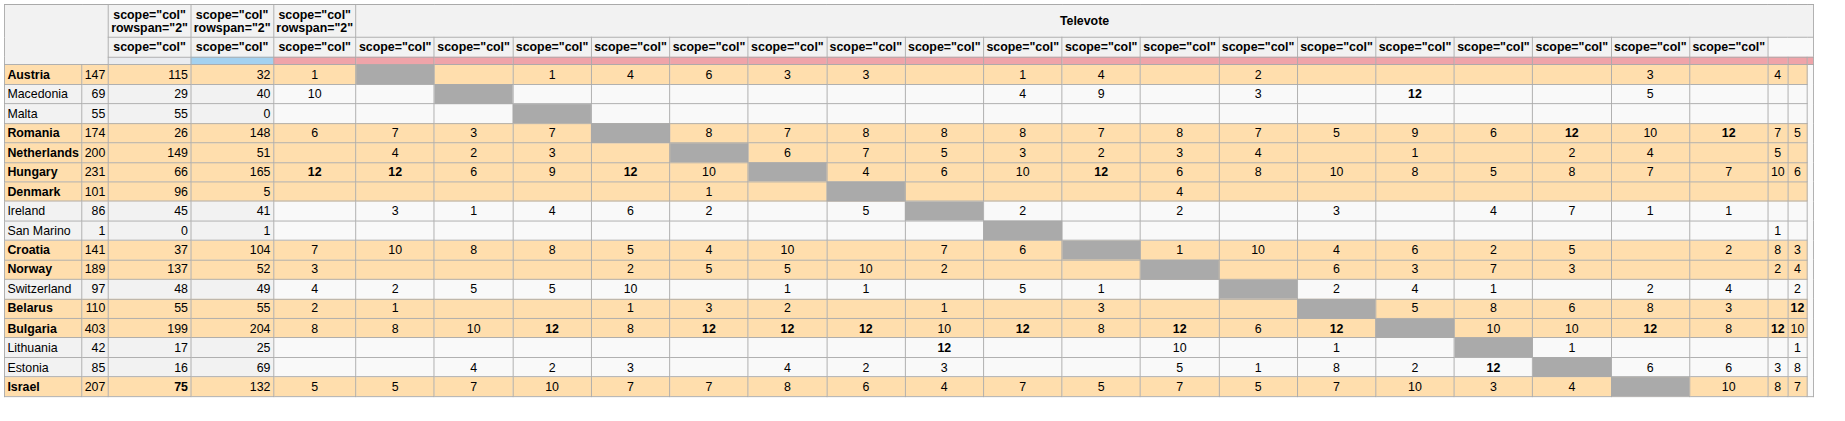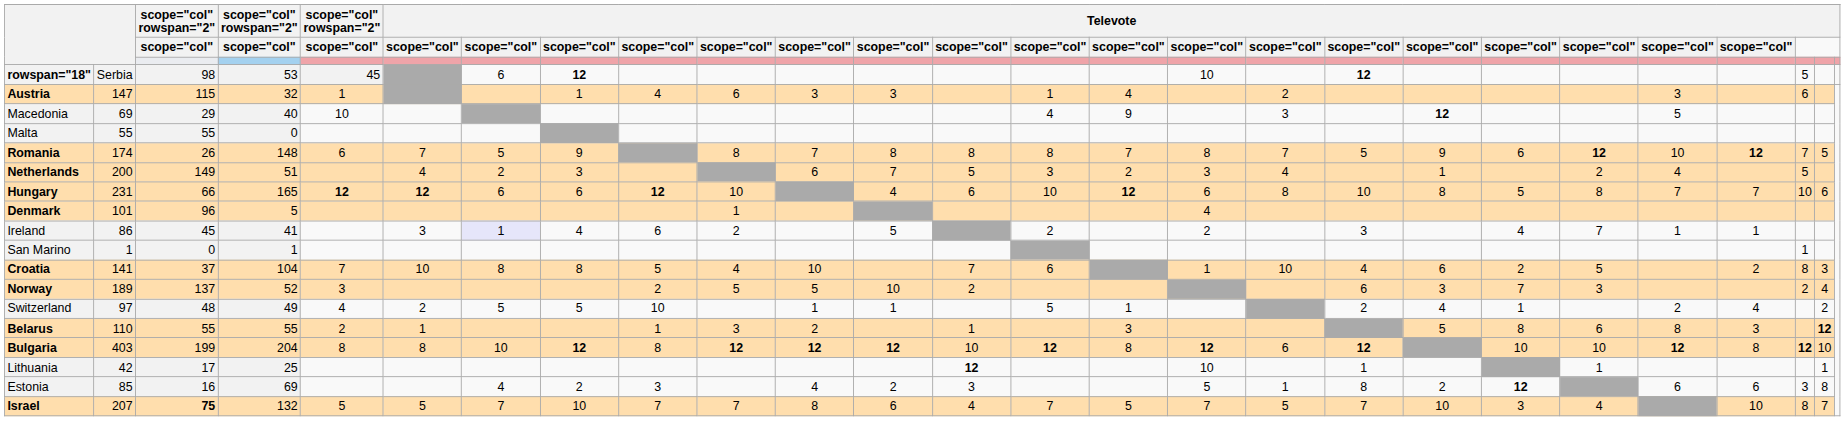 <table class="wikitable plainrowheaders" style="text-align:center; font-size:85%;">
 <tr>
 </tr>
 <tr>
 <td colspan="2" rowspan="3" style="background: #F2F2F2;"></td>
 <th>scope="col" rowspan="2" </th>
 <th>scope="col" rowspan="2" </th>
 <th>scope="col" rowspan="2" </th>
 <th scope="col" colspan="21">Televote</th>
 </tr>
 <tr>
 <th>scope="col" </th>
 <th>scope="col" </th>
 <th>scope="col" </th>
 <th>scope="col" </th>
 <th>scope="col" </th>
 <th>scope="col" </th>
 <th>scope="col" </th>
 <th>scope="col" </th>
 <th>scope="col" </th>
 <th>scope="col" </th>
 <th>scope="col" </th>
 <th>scope="col" </th>
 <th>scope="col" </th>
 <th>scope="col" </th>
 <th>scope="col" </th>
 <th>scope="col" </th>
 <th>scope="col" </th>
 <th>scope="col" </th>
 <th>scope="col" </th>
 <th>scope="col" </th>
 <th>scope="col" </th>
 </tr>
 <tr>
 <td style="height:2px; background:#eaecf0; border-top:1px solid transparent;"></td>
 <td style="background:#A4D1EF;"></td>
 <td style="background:#EFA4A9;"></td>
 <th style="background:#EFA4A9;"></th>
 <th style="background:#EFA4A9;"></th>
 <th style="background:#EFA4A9;"></th>
 <th style="background:#EFA4A9;"></th>
 <th style="background:#EFA4A9;"></th>
 <th style="background:#EFA4A9;"></th>
 <th style="background:#EFA4A9;"></th>
 <th style="background:#EFA4A9;"></th>
 <th style="background:#EFA4A9;"></th>
 <th style="background:#EFA4A9;"></th>
 <th style="background:#EFA4A9;"></th>
 <th style="background:#EFA4A9;"></th>
 <th style="background:#EFA4A9;"></th>
 <th style="background:#EFA4A9;"></th>
 <th style="background:#EFA4A9;"></th>
 <th style="background:#EFA4A9;"></th>
 <th style="background:#EFA4A9;"></th>
 <th style="background:#EFA4A9;"></th>
 <th style="background:#EFA4A9;"></th>
 <th style="background:#EFA4A9;"></th>
 <th style="background:#EFA4A9;"></th>
 </tr>
+<tr>
+<th>rowspan="18" </th>
+<td scope="row" style="text-align:left; background:#f2f2f2;">Serbia</td>
+<td style="text-align:right; background:#f2f2f2;">98</td>
+<td style="text-align:right; background:#f2f2f2;">53</td>
+<td style="text-align:right; background:#f2f2f2;">45</td>
+<td style="background:#aaa;"></td>
+<td>6</td>
+<td><strong>12</strong></td>
+<td></td>
+<td></td>
+<td></td>
+<td></td>
+<td></td>
+<td></td>
+<td></td>
+<td>10</td>
+<td></td>
+<td><strong>12</strong></td>
+<td></td>
+<td></td>
+<td></td>
+<td></td>
+<td></td>
+<td>5</td>
+<td></td>
+<td></td>
+</tr>
 <tr style="background:#ffdead;">
 <td scope="row" style="text-align:left; font-weight:bold; ">Austria</td>
 <td style="text-align:right;">147</td>
 <td style="text-align:right;">115</td>
 <td style="text-align:right;">32</td>
 <td>1</td>
 <td style="background:#aaa;"></td>
 <td></td>
 <td>1</td>
 <td>4</td>
 <td>6</td>
 <td>3</td>
 <td>3</td>
 <td></td>
 <td>1</td>
 <td>4</td>
 <td></td>
 <td>2</td>
 <td></td>
 <td></td>
 <td></td>
 <td></td>
 <td>3</td>
 <td></td>
-<td>4</td>
+<td>6</td>
 <td></td>
 </tr>
 <tr>
 <td scope="row" style="text-align:left; background:#f2f2f2;">Macedonia</td>
 <td style="text-align:right; background:#f2f2f2;">69</td>
 <td style="text-align:right; background:#f2f2f2;">29</td>
 <td style="text-align:right; background:#f2f2f2;">40</td>
 <td>10</td>
 <td></td>
 <td style="background:#aaa;"></td>
 <td></td>
 <td></td>
 <td></td>
 <td></td>
 <td></td>
 <td></td>
 <td>4</td>
 <td>9</td>
 <td></td>
 <td>3</td>
 <td></td>
 <td><strong>12</strong></td>
 <td></td>
 <td></td>
 <td>5</td>
 <td></td>
 <td></td>
 <td></td>
 </tr>
 <tr>
 <td scope="row" style="text-align:left; background:#f2f2f2;">Malta</td>
 <td style="text-align:right; background:#f2f2f2;">55</td>
 <td style="text-align:right; background:#f2f2f2;">55</td>
 <td style="text-align:right; background:#f2f2f2;">0</td>
 <td></td>
 <td></td>
 <td></td>
 <td style="background:#aaa;"></td>
 <td></td>
 <td></td>
 <td></td>
 <td></td>
 <td></td>
 <td></td>
 <td></td>
 <td></td>
 <td></td>
 <td></td>
 <td></td>
 <td></td>
 <td></td>
 <td></td>
 <td></td>
 <td></td>
 <td></td>
 </tr>
 <tr style="background:#ffdead;">
 <td scope="row" style="text-align:left; font-weight:bold; ">Romania</td>
 <td style="text-align:right;">174</td>
 <td style="text-align:right;">26</td>
 <td style="text-align:right;">148</td>
 <td>6</td>
 <td>7</td>
-<td>3</td>
-<td>7</td>
+<td>5</td>
+<td>9</td>
 <td style="background:#aaa;"></td>
 <td>8</td>
 <td>7</td>
 <td>8</td>
 <td>8</td>
 <td>8</td>
 <td>7</td>
 <td>8</td>
 <td>7</td>
 <td>5</td>
 <td>9</td>
 <td>6</td>
 <td><strong>12</strong></td>
 <td>10</td>
 <td><strong>12</strong></td>
 <td>7</td>
 <td>5</td>
 </tr>
 <tr style="background:#ffdead;">
 <td scope="row" style="text-align:left; font-weight:bold; ">Netherlands</td>
 <td style="text-align:right;">200</td>
 <td style="text-align:right;">149</td>
 <td style="text-align:right;">51</td>
 <td></td>
 <td>4</td>
 <td>2</td>
 <td>3</td>
 <td></td>
 <td style="background:#aaa;"></td>
 <td>6</td>
 <td>7</td>
 <td>5</td>
 <td>3</td>
 <td>2</td>
 <td>3</td>
 <td>4</td>
 <td></td>
 <td>1</td>
 <td></td>
 <td>2</td>
 <td>4</td>
 <td></td>
 <td>5</td>
 <td></td>
 </tr>
 <tr style="background:#ffdead;">
 <td scope="row" style="text-align:left; font-weight:bold; ">Hungary</td>
 <td style="text-align:right;">231</td>
 <td style="text-align:right;">66</td>
 <td style="text-align:right;">165</td>
 <td><strong>12</strong></td>
 <td><strong>12</strong></td>
 <td>6</td>
-<td>9</td>
+<td>6</td>
 <td><strong>12</strong></td>
 <td>10</td>
 <td style="background:#aaa;"></td>
 <td>4</td>
 <td>6</td>
 <td>10</td>
 <td><strong>12</strong></td>
 <td>6</td>
 <td>8</td>
 <td>10</td>
 <td>8</td>
 <td>5</td>
 <td>8</td>
 <td>7</td>
 <td>7</td>
 <td>10</td>
 <td>6</td>
 </tr>
 <tr style="background:#ffdead;">
 <td scope="row" style="text-align:left; font-weight:bold; ">Denmark</td>
 <td style="text-align:right;">101</td>
 <td style="text-align:right;">96</td>
 <td style="text-align:right;">5</td>
 <td></td>
 <td></td>
 <td></td>
 <td></td>
 <td></td>
 <td>1</td>
 <td></td>
 <td style="background:#aaa;"></td>
 <td></td>
 <td></td>
 <td></td>
 <td>4</td>
 <td></td>
 <td></td>
 <td></td>
 <td></td>
 <td></td>
 <td></td>
 <td></td>
 <td></td>
 <td></td>
 </tr>
 <tr>
 <td scope="row" style="text-align:left; background:#f2f2f2;">Ireland</td>
 <td style="text-align:right; background:#f2f2f2;">86</td>
 <td style="text-align:right; background:#f2f2f2;">45</td>
 <td style="text-align:right; background:#f2f2f2;">41</td>
 <td></td>
 <td>3</td>
-<td>1</td>
+<td style="background: lavender;">1</td>
 <td>4</td>
 <td>6</td>
 <td>2</td>
 <td></td>
 <td>5</td>
 <td style="background:#aaa;"></td>
 <td>2</td>
 <td></td>
 <td>2</td>
 <td></td>
 <td>3</td>
 <td></td>
 <td>4</td>
 <td>7</td>
 <td>1</td>
 <td>1</td>
 <td></td>
 <td></td>
 </tr>
 <tr>
 <td scope="row" style="text-align:left; background:#f2f2f2;">San Marino</td>
 <td style="text-align:right; background:#f2f2f2;">1</td>
 <td style="text-align:right; background:#f2f2f2;">0</td>
 <td style="text-align:right; background:#f2f2f2;">1</td>
 <td></td>
 <td></td>
 <td></td>
 <td></td>
 <td></td>
 <td></td>
 <td></td>
 <td></td>
 <td></td>
 <td style="background:#aaa;"></td>
 <td></td>
 <td></td>
 <td></td>
 <td></td>
 <td></td>
 <td></td>
 <td></td>
 <td></td>
 <td></td>
 <td>1</td>
 <td></td>
 </tr>
 <tr style="background:#ffdead;">
 <td scope="row" style="text-align:left; font-weight:bold; ">Croatia</td>
 <td style="text-align:right;">141</td>
 <td style="text-align:right;">37</td>
 <td style="text-align:right;">104</td>
 <td>7</td>
 <td>10</td>
 <td>8</td>
 <td>8</td>
 <td>5</td>
 <td>4</td>
 <td>10</td>
 <td></td>
 <td>7</td>
 <td>6</td>
 <td style="background:#aaa;"></td>
 <td>1</td>
 <td>10</td>
 <td>4</td>
 <td>6</td>
 <td>2</td>
 <td>5</td>
 <td></td>
 <td>2</td>
 <td>8</td>
 <td>3</td>
 </tr>
 <tr style="background:#ffdead;">
 <td scope="row" style="text-align:left; font-weight:bold; ">Norway</td>
 <td style="text-align:right;">189</td>
 <td style="text-align:right;">137</td>
 <td style="text-align:right;">52</td>
 <td>3</td>
 <td></td>
 <td></td>
 <td></td>
 <td>2</td>
 <td>5</td>
 <td>5</td>
 <td>10</td>
 <td>2</td>
 <td></td>
 <td></td>
 <td style="background:#aaa;"></td>
 <td></td>
 <td>6</td>
 <td>3</td>
 <td>7</td>
 <td>3</td>
 <td></td>
 <td></td>
 <td>2</td>
 <td>4</td>
 </tr>
 <tr>
 <td scope="row" style="text-align:left; background:#f2f2f2;">Switzerland</td>
 <td style="text-align:right; background:#f2f2f2;">97</td>
 <td style="text-align:right; background:#f2f2f2;">48</td>
 <td style="text-align:right; background:#f2f2f2;">49</td>
 <td>4</td>
 <td>2</td>
 <td>5</td>
 <td>5</td>
 <td>10</td>
 <td></td>
 <td>1</td>
 <td>1</td>
 <td></td>
 <td>5</td>
 <td>1</td>
 <td></td>
 <td style="background:#aaa;"></td>
 <td>2</td>
 <td>4</td>
 <td>1</td>
 <td></td>
 <td>2</td>
 <td>4</td>
 <td></td>
 <td>2</td>
 </tr>
 <tr style="background:#ffdead;">
 <td scope="row" style="text-align:left; font-weight:bold; ">Belarus</td>
 <td style="text-align:right;">110</td>
 <td style="text-align:right;">55</td>
 <td style="text-align:right;">55</td>
 <td>2</td>
 <td>1</td>
 <td></td>
 <td></td>
 <td>1</td>
 <td>3</td>
 <td>2</td>
 <td></td>
 <td>1</td>
 <td></td>
 <td>3</td>
 <td></td>
 <td></td>
 <td style="background:#aaa;"></td>
 <td>5</td>
 <td>8</td>
 <td>6</td>
 <td>8</td>
 <td>3</td>
 <td></td>
 <td><strong>12</strong></td>
 </tr>
 <tr style="background:#ffdead;">
 <td scope="row" style="text-align:left; font-weight:bold; ">Bulgaria</td>
 <td style="text-align:right;">403</td>
 <td style="text-align:right;">199</td>
 <td style="text-align:right;">204</td>
 <td>8</td>
 <td>8</td>
 <td>10</td>
 <td><strong>12</strong></td>
 <td>8</td>
 <td><strong>12</strong></td>
 <td><strong>12</strong></td>
 <td><strong>12</strong></td>
 <td>10</td>
 <td><strong>12</strong></td>
 <td>8</td>
 <td><strong>12</strong></td>
 <td>6</td>
 <td><strong>12</strong></td>
 <td style="background:#aaa;"></td>
 <td>10</td>
 <td>10</td>
 <td><strong>12</strong></td>
 <td>8</td>
 <td><strong>12</strong></td>
 <td>10</td>
 </tr>
 <tr>
 <td scope="row" style="text-align:left; background:#f2f2f2;">Lithuania</td>
 <td style="text-align:right; background:#f2f2f2;">42</td>
 <td style="text-align:right; background:#f2f2f2;">17</td>
 <td style="text-align:right; background:#f2f2f2;">25</td>
 <td></td>
 <td></td>
 <td></td>
 <td></td>
 <td></td>
 <td></td>
 <td></td>
 <td></td>
 <td><strong>12</strong></td>
 <td></td>
 <td></td>
 <td>10</td>
 <td></td>
 <td>1</td>
 <td></td>
 <td style="background:#aaa;"></td>
 <td>1</td>
 <td></td>
 <td></td>
 <td></td>
 <td>1</td>
 </tr>
 <tr>
 <td scope="row" style="text-align:left; background:#f2f2f2;">Estonia</td>
 <td style="text-align:right; background:#f2f2f2;">85</td>
 <td style="text-align:right; background:#f2f2f2;">16</td>
 <td style="text-align:right; background:#f2f2f2;">69</td>
 <td></td>
 <td></td>
 <td>4</td>
 <td>2</td>
 <td>3</td>
 <td></td>
 <td>4</td>
 <td>2</td>
 <td>3</td>
 <td></td>
 <td></td>
 <td>5</td>
 <td>1</td>
 <td>8</td>
 <td>2</td>
 <td><strong>12</strong></td>
 <td style="background:#aaa;"></td>
 <td>6</td>
 <td>6</td>
 <td>3</td>
 <td>8</td>
 </tr>
 <tr style="background:#ffdead;">
 <td scope="row" style="text-align:left; font-weight:bold; ">Israel</td>
 <td style="text-align:right;">207</td>
 <td style="text-align:right;"><strong>75</strong></td>
 <td style="text-align:right;">132</td>
 <td>5</td>
 <td>5</td>
 <td>7</td>
 <td>10</td>
 <td>7</td>
 <td>7</td>
 <td>8</td>
 <td>6</td>
 <td>4</td>
 <td>7</td>
 <td>5</td>
 <td>7</td>
 <td>5</td>
 <td>7</td>
 <td>10</td>
 <td>3</td>
 <td>4</td>
 <td style="background:#aaa;"></td>
 <td>10</td>
 <td>8</td>
 <td>7</td>
 </tr>
 </table>
